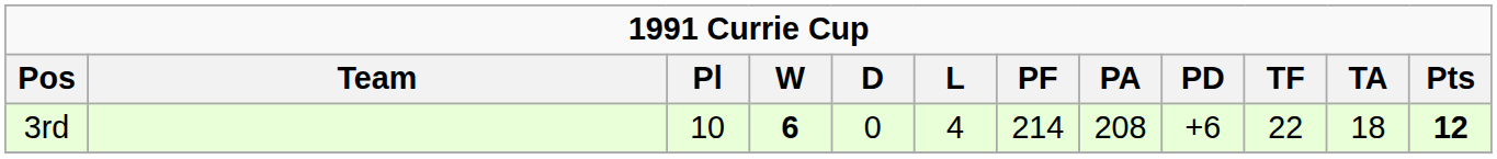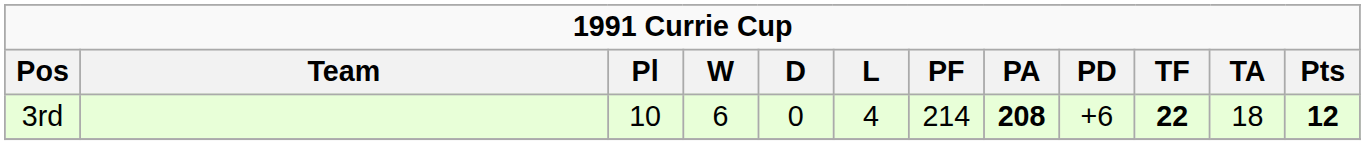 <table class="wikitable" style="text-align:center; line-height:110%; font-size:100%; width:60%;">
 <tr>
 <td colspan="12" cellpadding="0" cellspacing="0"><strong>1991 Currie Cup</strong></td>
 </tr>
 <tr>
 <th style="width:5%;">Pos</th>
 <th style="width:35%;">Team</th>
 <th style="width:5%;">Pl</th>
 <th style="width:5%;">W</th>
 <th style="width:5%;">D</th>
 <th style="width:5%;">L</th>
 <th style="width:5%;">PF</th>
 <th style="width:5%;">PA</th>
 <th style="width:5%;">PD</th>
 <th style="width:5%;">TF</th>
 <th style="width:5%;">TA</th>
 <th style="width:5%;">Pts<br></th>
 </tr>
 <tr bgcolor=#E8FFD8 align=center>
 <td>3rd</td>
 <td align=left></td>
 <td>10</td>
-<td><strong>6</strong></td>
+<td>6</td>
 <td>0</td>
 <td>4</td>
 <td>214</td>
-<td>208</td>
+<td><strong>208</strong></td>
 <td>+6</td>
-<td>22</td>
+<td><strong>22</strong></td>
 <td>18</td>
 <td><strong>12</strong></td>
 </tr>
 <tr bgcolor=#E8FFD8 align=center>
 </tr>
 </table>
